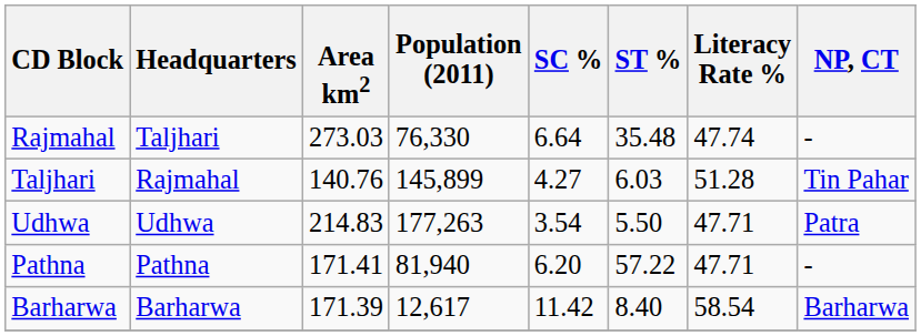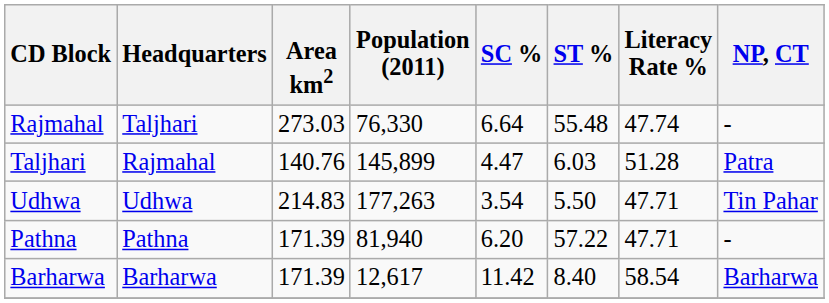 <table class="wikitable sortable">
 <tr>
 <th>CD Block</th>
 <th>Headquarters</th>
 <th><br>Area<br>km<sup>2</sup></th>
 <th>Population<br>(2011)</th>
 <th><a href='#'>SC</a> %</th>
 <th><a href='#'>ST</a> %</th>
 <th>Literacy<br> Rate %</th>
 <th><a href='#'>NP</a>, <a href='#'>CT</a></th>
 </tr>
 <tr>
 <td><a href='#'>Rajmahal</a></td>
 <td><a href='#'>Taljhari</a></td>
 <td>273.03</td>
 <td>76,330</td>
 <td>6.64</td>
-<td>35.48</td>
+<td>55.48</td>
 <td>47.74</td>
 <td>-</td>
 </tr>
 <tr>
 <td><a href='#'>Taljhari</a></td>
 <td><a href='#'>Rajmahal</a></td>
 <td>140.76</td>
 <td>145,899</td>
-<td>4.27</td>
+<td>4.47</td>
 <td>6.03</td>
 <td>51.28</td>
-<td><a href='#'>Tin Pahar</a></td>
+<td><a href='#'>Patra</a></td>
 </tr>
 <tr>
 <td><a href='#'>Udhwa</a></td>
 <td><a href='#'>Udhwa</a></td>
 <td>214.83</td>
 <td>177,263</td>
 <td>3.54</td>
 <td>5.50</td>
 <td>47.71</td>
-<td><a href='#'>Patra</a></td>
+<td><a href='#'>Tin Pahar</a></td>
 </tr>
 <tr>
 <td><a href='#'>Pathna</a></td>
 <td><a href='#'>Pathna</a></td>
-<td>171.41</td>
+<td>171.39</td>
 <td>81,940</td>
 <td>6.20</td>
 <td>57.22</td>
 <td>47.71</td>
 <td>-</td>
 </tr>
 <tr>
 <td><a href='#'>Barharwa</a></td>
 <td><a href='#'>Barharwa</a></td>
 <td>171.39</td>
 <td>12,617</td>
 <td>11.42</td>
 <td>8.40</td>
 <td>58.54</td>
 <td><a href='#'>Barharwa</a></td>
 </tr>
 <tr>
 </tr>
 </table>
